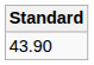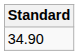 <table class="wikitable" border="1" align="upright">
 <tr>
 <th>Standard</th>
 </tr>
 <tr>
-<td>43.90</td>
+<td>34.90</td>
 </tr>
 </table>
